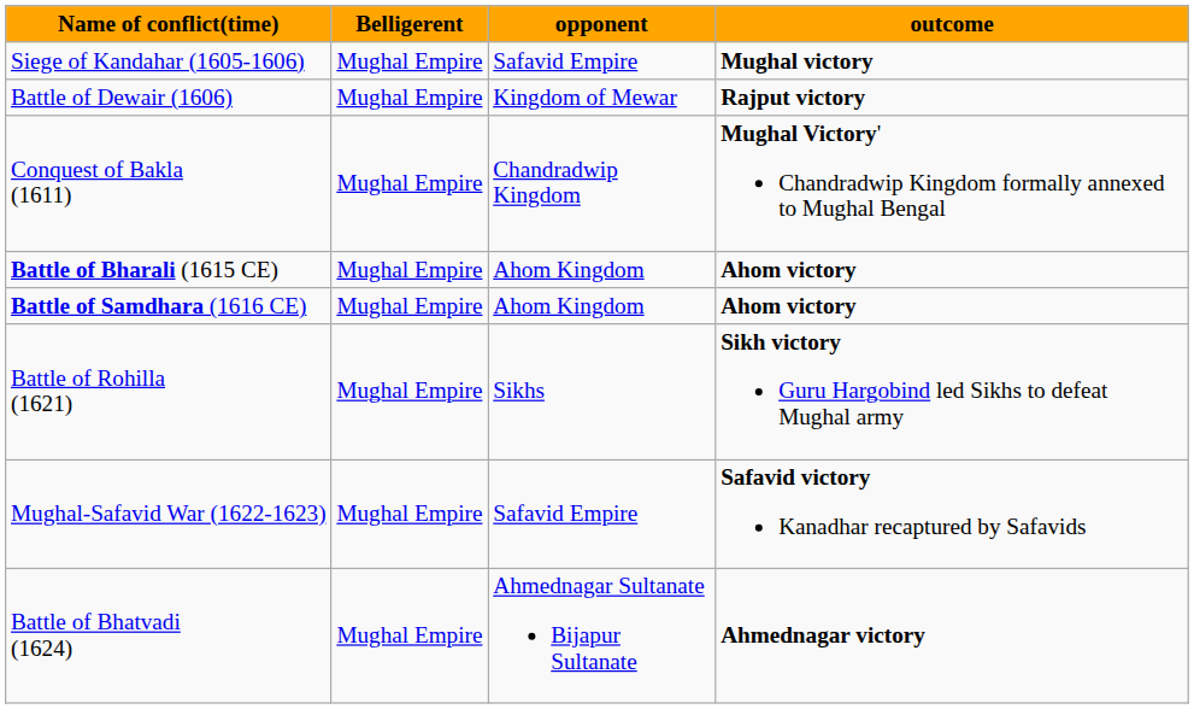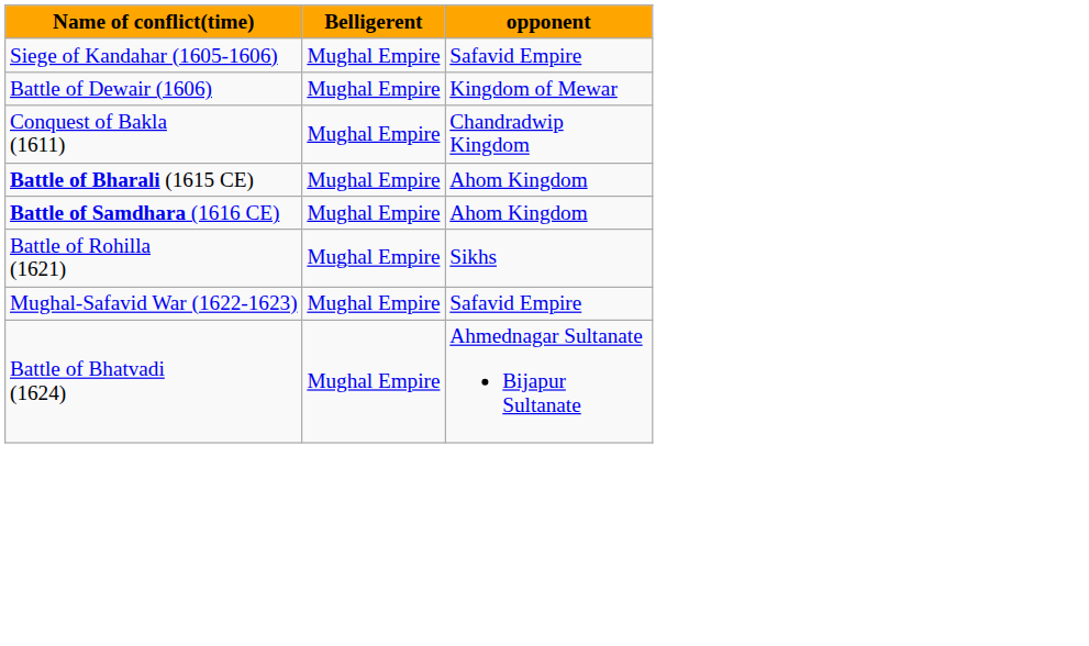 <table class="wikitable">
 <tr>
 <th style="background:orange;"><span>Name of conflict(time)</span></th>
 <th style="background:orange;widh:150px;"><span>Belligerent</span></th>
 <th style="background:orange;width:150px;"><span>opponent</span></th>
-<th style="background:orange;width:320px;"><span>outcome</span></th>
 </tr>
 <tr>
 <td><a href='#'>Siege of Kandahar (1605-1606)</a></td>
 <td> <a href='#'>Mughal Empire</a></td>
 <td> <a href='#'>Safavid Empire</a></td>
-<td><strong>Mughal victory</strong></td>
 </tr>
 <tr>
 <td><a href='#'>Battle of Dewair (1606)</a></td>
 <td> <a href='#'>Mughal Empire</a></td>
 <td> <a href='#'>Kingdom of Mewar</a></td>
-<td><strong>Rajput victory</strong></td>
 </tr>
 <tr>
 <td><a href='#'>Conquest of Bakla</a><br>(1611)</td>
 <td> <a href='#'>Mughal Empire</a></td>
 <td><a href='#'>Chandradwip Kingdom</a></td>
-<td><strong>Mughal Victory</strong>'<br><ul><li>Chandradwip Kingdom formally annexed to Mughal Bengal</li></ul></td>
 </tr>
 <tr>
 <td><strong><a href='#'>Battle of Bharali</a></strong> (1615 CE)</td>
 <td> <a href='#'>Mughal Empire</a></td>
 <td> <a href='#'>Ahom Kingdom</a></td>
-<td><strong>Ahom victory</strong></td>
 </tr>
 <tr>
 <td><a href='#'><strong>Battle of Samdhara</strong> (1616 CE)</a></td>
 <td> <a href='#'>Mughal Empire</a></td>
 <td><a href='#'>Ahom Kingdom</a></td>
-<td><strong>Ahom victory</strong></td>
 </tr>
 <tr>
 <td><a href='#'>Battle of Rohilla</a><br>(1621)</td>
 <td> <a href='#'>Mughal Empire</a></td>
 <td><a href='#'>Sikhs</a></td>
-<td><strong>Sikh victory</strong><br><ul><li><a href='#'>Guru Hargobind</a> led Sikhs to defeat Mughal army</li></ul></td>
 </tr>
 <tr>
 <td><a href='#'>Mughal-Safavid War (1622-1623)</a></td>
 <td> <a href='#'>Mughal Empire</a></td>
 <td> <a href='#'>Safavid Empire</a></td>
-<td><strong>Safavid victory</strong><br><ul><li>Kanadhar recaptured by Safavids</li></ul></td>
 </tr>
 <tr>
 <td><a href='#'>Battle of Bhatvadi</a><br>(1624)</td>
 <td> <a href='#'>Mughal Empire</a></td>
 <td><a href='#'>Ahmednagar Sultanate</a><br><ul><li><a href='#'>Bijapur Sultanate</a></li></ul></td>
-<td><strong>Ahmednagar victory</strong></td>
 </tr>
 </table>
